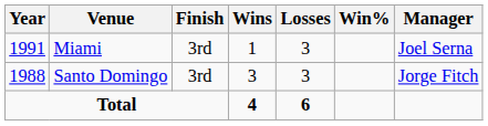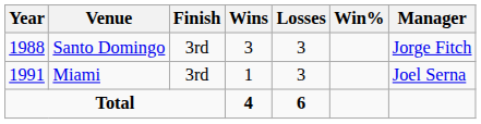 <table class="wikitable sortable plainrowheaders" style="text-align:center;">
 <tr>
 <th scope="col">Year</th>
 <th scope="col">Venue</th>
 <th scope="col">Finish</th>
 <th scope="col">Wins</th>
 <th scope="col">Losses</th>
 <th scope="col">Win%</th>
 <th scope="col">Manager</th>
 </tr>
 <tr>
+<td><a href='#'>1988</a></td>
+<td align=left> <a href='#'>Santo Domingo</a></td>
+<td>3rd</td>
+<td>3</td>
+<td>3</td>
+<td></td>
+<td align=left> <a href='#'>Jorge Fitch</a></td>
+</tr>
+<tr>
 <td><a href='#'>1991</a></td>
 <td align=left> <a href='#'>Miami</a></td>
 <td>3rd</td>
 <td>1</td>
 <td>3</td>
 <td></td>
 <td align=left> <a href='#'>Joel Serna</a></td>
-</tr>
-<tr>
-<td><a href='#'>1988</a></td>
-<td align=left> <a href='#'>Santo Domingo</a></td>
-<td>3rd</td>
-<td>3</td>
-<td>3</td>
-<td></td>
-<td align=left> <a href='#'>Jorge Fitch</a></td>
 </tr>
 <tr style="text-align:center; ">
 <td colspan="3"><strong>Total</strong></td>
 <td><strong>4</strong></td>
 <td><strong>6</strong></td>
 <td><strong></strong></td>
 <td></td>
 </tr>
 </table>
